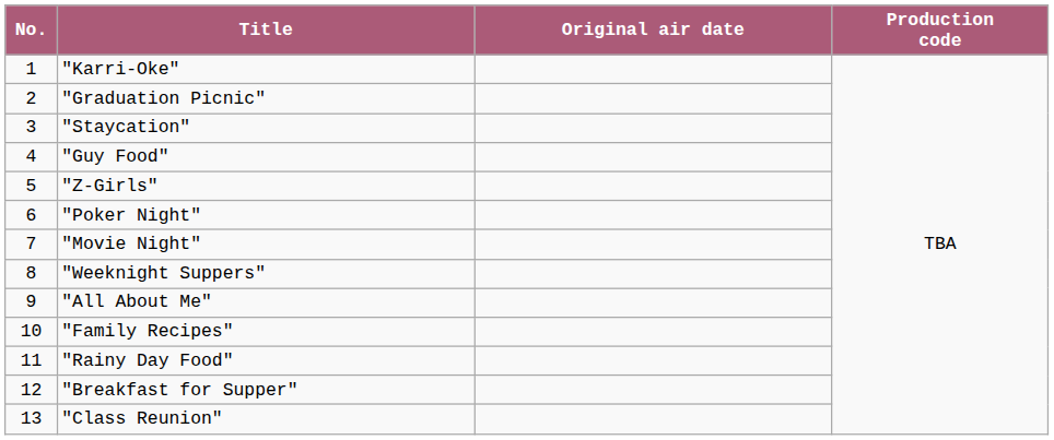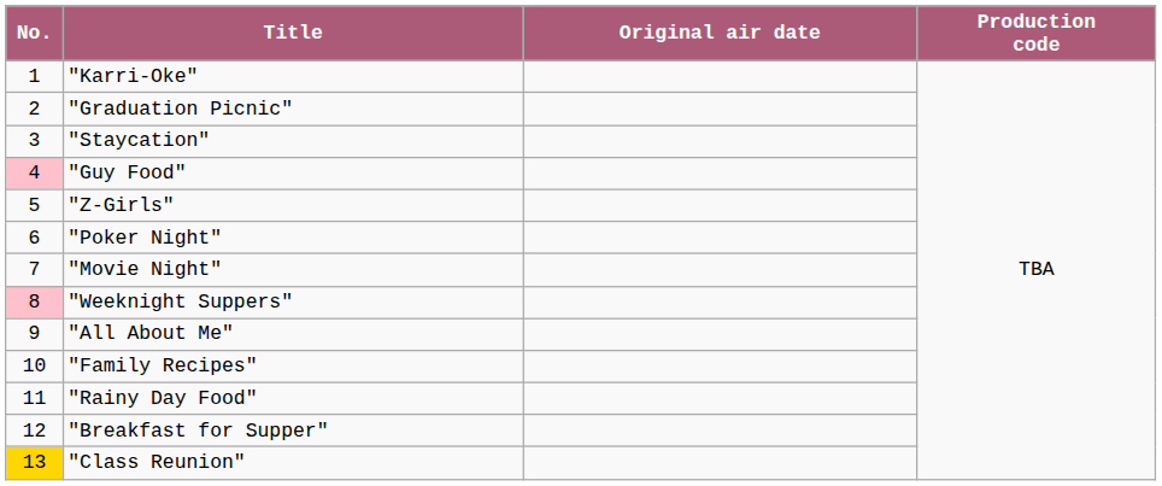 <table class="wikitable plainrowheaders" style="width:60%;">
 <tr>
 <th style="background-color: #ab5b78; color: #FFFFFF;" width=5%>No.</th>
 <th style="background-color: #ab5b78; color: #FFFFFF;" width=40%>Title</th>
 <th style="background-color: #ab5b78; color: #FFFFFF;">Original air date</th>
 <th style="background-color: #ab5b78; color: #FFFFFF;">Production<br>code</th>
 </tr>
 <tr>
 <td align=center>1</td>
 <td>"Karri-Oke"</td>
 <td align=center></td>
 <td align=center rowspan=13>TBA</td>
 </tr>
 <tr>
 <td align=center>2</td>
 <td>"Graduation Picnic"</td>
 <td align=center></td>
 </tr>
 <tr>
 <td align=center>3</td>
 <td>"Staycation"</td>
 <td align=center></td>
 </tr>
 <tr>
-<td align=center>4</td>
+<td align=center style="background: pink;">4</td>
 <td>"Guy Food"</td>
 <td align=center></td>
 </tr>
 <tr>
 <td align=center>5</td>
 <td>"Z-Girls"</td>
 <td align=center></td>
 </tr>
 <tr>
 <td align=center>6</td>
 <td>"Poker Night"</td>
 <td align=center></td>
 </tr>
 <tr>
 <td align=center>7</td>
 <td>"Movie Night"</td>
 <td align=center></td>
 </tr>
 <tr>
-<td align=center>8</td>
+<td align=center style="background: pink;">8</td>
 <td>"Weeknight Suppers"</td>
 <td align=center></td>
 </tr>
 <tr>
 <td align=center>9</td>
 <td>"All About Me"</td>
 <td align=center></td>
 </tr>
 <tr>
 <td align=center>10</td>
 <td>"Family Recipes"</td>
 <td align=center></td>
 </tr>
 <tr>
 <td align=center>11</td>
 <td>"Rainy Day Food"</td>
 <td align=center></td>
 </tr>
 <tr>
 <td align=center>12</td>
 <td>"Breakfast for Supper"</td>
 <td align=center></td>
 </tr>
 <tr>
-<td align=center>13</td>
+<td align=center style="background: gold;">13</td>
 <td>"Class Reunion"</td>
 <td align=center></td>
 </tr>
 </table>
